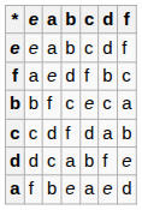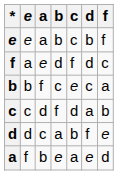 <table class=wikitable>
 <tr>
 <th>*</th>
 <th><em>e</em></th>
 <th>a</th>
 <th>b</th>
 <th>c</th>
 <th>d</th>
 <th>f</th>
 </tr>
 <tr>
 <th><em>e</em></th>
 <td><em>e</em></td>
 <td>a</td>
 <td>b</td>
 <td>c</td>
-<td>d</td>
+<td>b</td>
 <td>f</td>
 </tr>
 <tr>
 <th>f</th>
 <td>a</td>
 <td><em>e</em></td>
 <td>d</td>
 <td>f</td>
-<td>b</td>
+<td>d</td>
 <td>c</td>
 </tr>
 <tr>
 <th>b</th>
 <td>b</td>
 <td>f</td>
 <td>c</td>
 <td><em>e</em></td>
 <td>c</td>
 <td>a</td>
 </tr>
 <tr>
 <th>c</th>
 <td>c</td>
 <td>d</td>
 <td>f</td>
 <td>d</td>
 <td>a</td>
 <td>b</td>
 </tr>
 <tr>
 <th>d</th>
 <td>d</td>
 <td>c</td>
 <td>a</td>
 <td>b</td>
 <td>f</td>
 <td><em>e</em></td>
 </tr>
 <tr>
 <th>a</th>
 <td>f</td>
 <td>b</td>
 <td><em>e</em></td>
 <td>a</td>
 <td><em>e</em></td>
 <td>d</td>
 </tr>
 </table>
